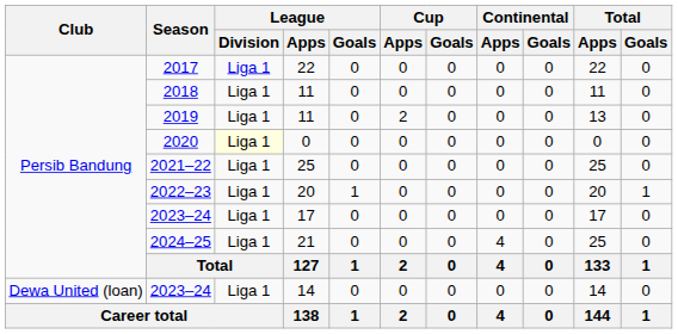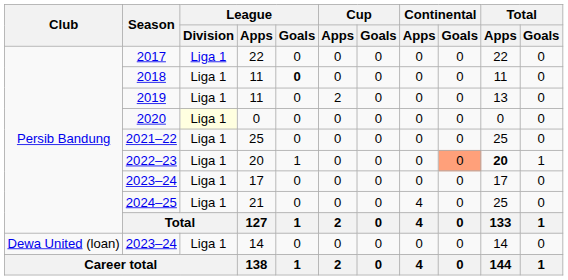 <table class="wikitable" style="text-align:center">
 <tr>
 <th rowspan="2">Club</th>
 <th rowspan="2">Season</th>
 <th colspan="3">League</th>
 <th colspan="2">Cup</th>
 <th colspan="2">Continental</th>
 <th colspan="2">Total</th>
 </tr>
 <tr>
 <th>Division</th>
 <th>Apps</th>
 <th>Goals</th>
 <th>Apps</th>
 <th>Goals</th>
 <th>Apps</th>
 <th>Goals</th>
 <th>Apps</th>
 <th>Goals</th>
 </tr>
 <tr>
 <td rowspan="9" valign="center"><a href='#'>Persib Bandung</a></td>
 <td><a href='#'>2017</a></td>
 <td rowspan="1" valign="center"><a href='#'>Liga 1</a></td>
 <td>22</td>
 <td>0</td>
 <td>0</td>
 <td>0</td>
 <td>0</td>
 <td>0</td>
 <td>22</td>
 <td>0</td>
 </tr>
 <tr>
 <td><a href='#'>2018</a></td>
 <td rowspan="1" valign="center">Liga 1</td>
 <td>11</td>
-<td>0</td>
+<td><strong>0</strong></td>
 <td>0</td>
 <td>0</td>
 <td>0</td>
 <td>0</td>
 <td>11</td>
 <td>0</td>
 </tr>
 <tr>
 <td><a href='#'>2019</a></td>
 <td rowspan="1" valign="center">Liga 1</td>
 <td>11</td>
 <td>0</td>
 <td>2</td>
 <td>0</td>
 <td>0</td>
 <td>0</td>
 <td>13</td>
 <td>0</td>
 </tr>
 <tr>
 <td><a href='#'>2020</a></td>
 <td rowspan="1" valign="center" style="background: lightyellow;">Liga 1</td>
 <td>0</td>
 <td>0</td>
 <td>0</td>
 <td>0</td>
 <td>0</td>
 <td>0</td>
 <td>0</td>
 <td>0</td>
 </tr>
 <tr>
 <td><a href='#'>2021–22</a></td>
 <td rowspan="1" valign="center">Liga 1</td>
 <td>25</td>
 <td>0</td>
 <td>0</td>
 <td>0</td>
 <td>0</td>
 <td>0</td>
 <td>25</td>
 <td>0</td>
 </tr>
 <tr>
 <td><a href='#'>2022–23</a></td>
 <td>Liga 1</td>
 <td>20</td>
 <td>1</td>
 <td>0</td>
 <td>0</td>
 <td>0</td>
-<td>0</td>
-<td>20</td>
+<td style="background: lightsalmon;">0</td>
+<td><strong>20</strong></td>
 <td>1</td>
 </tr>
 <tr>
 <td><a href='#'>2023–24</a></td>
 <td>Liga 1</td>
 <td>17</td>
 <td>0</td>
 <td>0</td>
 <td>0</td>
 <td>0</td>
 <td>0</td>
 <td>17</td>
 <td>0</td>
 </tr>
 <tr>
 <td><a href='#'>2024–25</a></td>
 <td>Liga 1</td>
 <td>21</td>
 <td>0</td>
 <td>0</td>
 <td>0</td>
 <td>4</td>
 <td>0</td>
 <td>25</td>
 <td>0</td>
 </tr>
 <tr>
 <th colspan="2">Total</th>
 <th>127</th>
 <th>1</th>
 <th>2</th>
 <th>0</th>
 <th>4</th>
 <th>0</th>
 <th>133</th>
 <th>1</th>
 </tr>
 <tr>
 <td rowspan="1" valign="center"><a href='#'>Dewa United</a> (loan)</td>
 <td><a href='#'>2023–24</a></td>
 <td rowspan="1" valign="center">Liga 1</td>
 <td>14</td>
 <td>0</td>
 <td>0</td>
 <td>0</td>
 <td>0</td>
 <td>0</td>
 <td>14</td>
 <td>0</td>
 </tr>
 <tr>
 <th colspan="3">Career total</th>
 <th>138</th>
 <th>1</th>
 <th>2</th>
 <th>0</th>
 <th>4</th>
 <th>0</th>
 <th>144</th>
 <th>1</th>
 </tr>
 </table>
